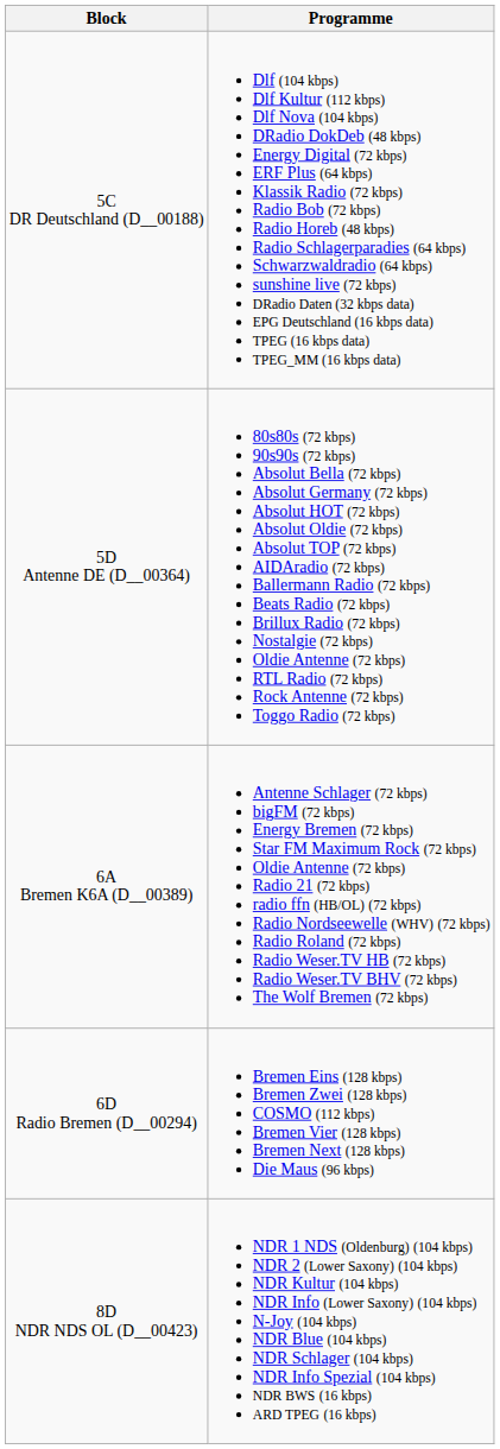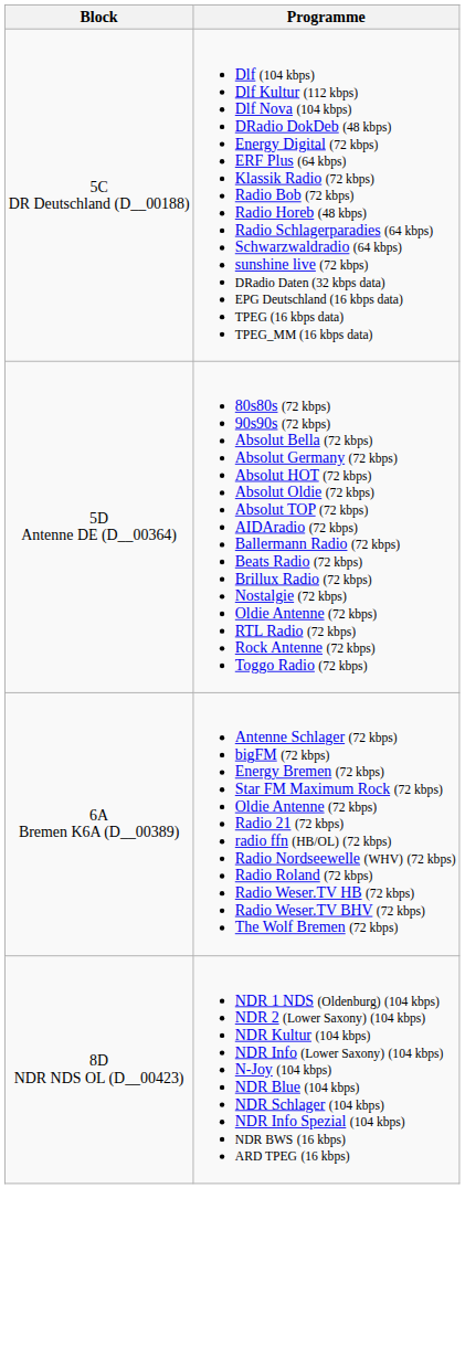 <table class="wikitable toptextcells">
 <tr>
 <th>Block</th>
 <th>Programme</th>
 </tr>
 <tr>
 <td align="center">5C<br>DR Deutschland (D__00188)</td>
 <td><br><ul><li><a href='#'>Dlf</a> <small>(104 kbps)</small></li><li><a href='#'>Dlf Kultur</a> <small>(112 kbps)</small></li><li><a href='#'>Dlf Nova</a> <small>(104 kbps)</small></li><li><a href='#'>DRadio DokDeb</a> <small>(48 kbps)</small></li><li><a href='#'>Energy Digital</a> <small>(72 kbps)</small></li><li><a href='#'>ERF Plus</a> <small>(64 kbps)</small></li><li><a href='#'>Klassik Radio</a> <small>(72 kbps)</small></li><li><a href='#'>Radio Bob</a> <small>(72 kbps)</small></li><li><a href='#'>Radio Horeb</a> <small>(48 kbps)</small></li><li><a href='#'>Radio Schlagerparadies</a> <small>(64 kbps)</small></li><li><a href='#'>Schwarzwaldradio</a> <small>(64 kbps)</small></li><li><a href='#'>sunshine live</a> <small>(72 kbps)</small></li><li><small>DRadio Daten  (32 kbps data)</small></li><li><small>EPG Deutschland  (16 kbps data)</small></li><li><small>TPEG  (16 kbps data)</small></li><li><small>TPEG_MM  (16 kbps data)</small></li></ul></td>
 </tr>
 <tr>
 <td align="center">5D<br>Antenne DE (D__00364)</td>
 <td><br><ul><li><a href='#'>80s80s</a> <small>(72 kbps)</small></li><li><a href='#'>90s90s</a> <small>(72 kbps)</small></li><li><a href='#'>Absolut Bella</a> <small>(72 kbps)</small></li><li><a href='#'>Absolut Germany</a> <small>(72 kbps)</small></li><li><a href='#'>Absolut HOT</a> <small>(72 kbps)</small></li><li><a href='#'>Absolut Oldie</a> <small>(72 kbps)</small></li><li><a href='#'>Absolut TOP</a> <small>(72 kbps)</small></li><li><a href='#'>AIDAradio</a> <small>(72 kbps)</small></li><li><a href='#'>Ballermann Radio</a> <small>(72 kbps)</small></li><li><a href='#'>Beats Radio</a>  <small>(72 kbps)</small></li><li><a href='#'>Brillux Radio</a> <small>(72 kbps)</small></li><li><a href='#'>Nostalgie</a> <small>(72 kbps)</small></li><li><a href='#'>Oldie Antenne</a> <small>(72 kbps)</small></li><li><a href='#'>RTL Radio</a> <small>(72 kbps)</small></li><li><a href='#'>Rock Antenne</a> <small>(72 kbps)</small></li><li><a href='#'>Toggo Radio</a> <small>(72 kbps)</small></li></ul></td>
 </tr>
 <tr>
 <td align="center">6A<br>Bremen K6A (D__00389)</td>
 <td><br><ul><li><a href='#'>Antenne Schlager</a> <small>(72 kbps)</small></li><li><a href='#'>bigFM</a> <small>(72 kbps)</small></li><li><a href='#'>Energy Bremen</a> <small>(72 kbps)</small></li><li><a href='#'>Star FM Maximum Rock</a> <small>(72 kbps)</small></li><li><a href='#'>Oldie Antenne</a> <small>(72 kbps)</small></li><li><a href='#'>Radio 21</a> <small>(72 kbps)</small></li><li><a href='#'>radio ffn</a> <small>(HB/OL)</small> <small>(72 kbps)</small></li><li><a href='#'>Radio Nordseewelle</a> <small>(WHV)</small> <small>(72 kbps)</small></li><li><a href='#'>Radio Roland</a> <small>(72 kbps)</small></li><li><a href='#'>Radio Weser.TV HB</a> <small>(72 kbps)</small></li><li><a href='#'>Radio Weser.TV BHV</a> <small>(72 kbps)</small></li><li><a href='#'>The Wolf Bremen</a> <small>(72 kbps)</small></li></ul></td>
 </tr>
 <tr>
-<td align="center">6D<br>Radio Bremen (D__00294)</td>
-<td><br><ul><li><a href='#'>Bremen Eins</a> <small>(128 kbps)</small></li><li><a href='#'>Bremen Zwei</a> <small>(128 kbps)</small></li><li><a href='#'>COSMO</a> <small>(112 kbps)</small></li><li><a href='#'>Bremen Vier</a> <small>(128 kbps)</small></li><li><a href='#'>Bremen Next</a> <small>(128 kbps)</small></li><li><a href='#'>Die Maus</a> <small>(96 kbps)</small></li></ul></td>
-</tr>
-<tr>
 <td align="center">8D<br>NDR NDS OL (D__00423)</td>
 <td><br><ul><li><a href='#'>NDR 1 NDS</a> <small>(Oldenburg)</small> <small>(104 kbps)</small></li><li><a href='#'>NDR 2</a> <small>(Lower Saxony)</small> <small>(104 kbps)</small></li><li><a href='#'>NDR Kultur</a> <small>(104 kbps)</small></li><li><a href='#'>NDR Info</a> <small>(Lower Saxony)</small> <small>(104 kbps)</small></li><li><a href='#'>N-Joy</a> <small>(104 kbps)</small></li><li><a href='#'>NDR Blue</a> <small>(104 kbps)</small></li><li><a href='#'>NDR Schlager</a> <small>(104 kbps)</small></li><li><a href='#'>NDR Info Spezial</a> <small>(104 kbps)</small></li><li><small>NDR BWS</small> <small>(16 kbps)</small></li><li><small>ARD TPEG</small> <small>(16 kbps)</small></li></ul></td>
 </tr>
 </table>
